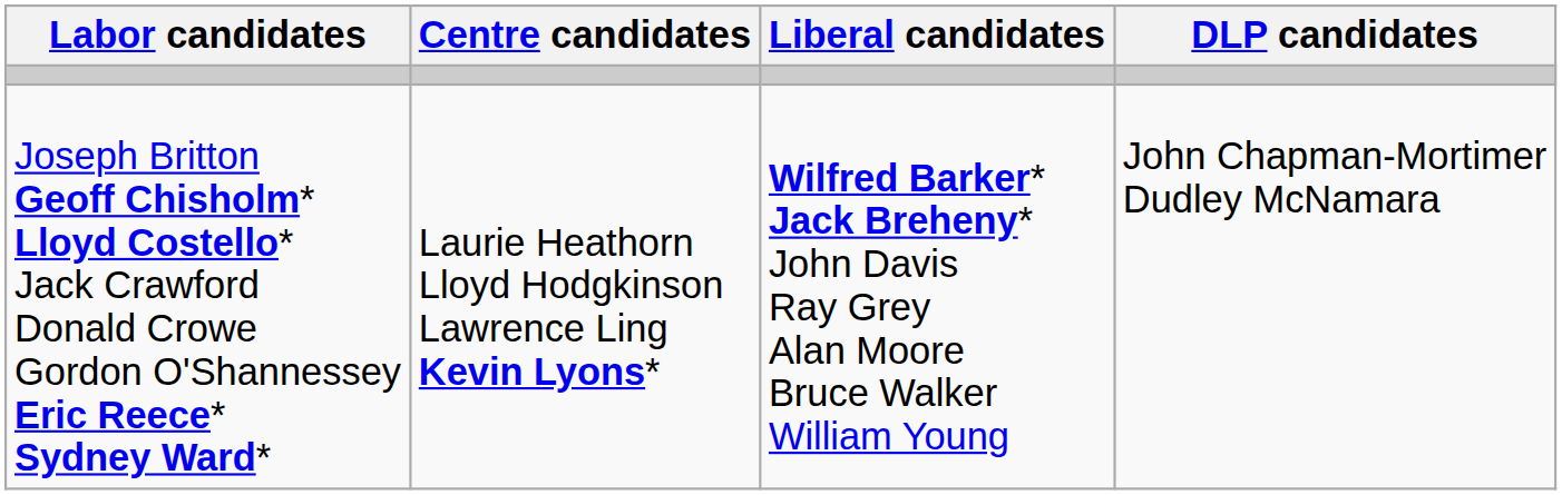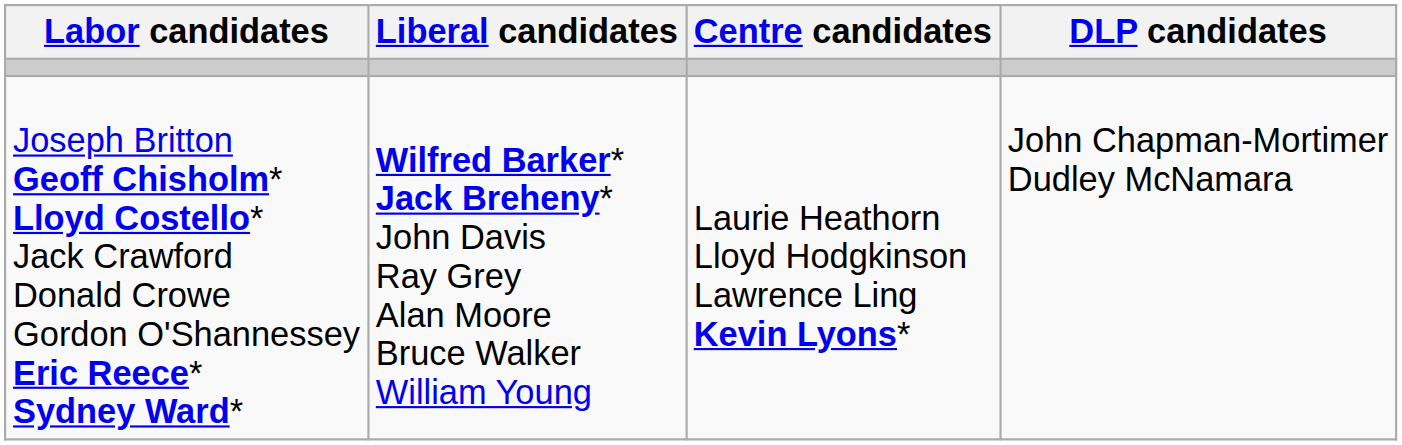 <table class="wikitable">
 <tr>
 <th><a href='#'>Labor</a> candidates</th>
+<th><a href='#'>Liberal</a> candidates</th>
 <th><a href='#'>Centre</a> candidates</th>
-<th><a href='#'>Liberal</a> candidates</th>
 <th><a href='#'>DLP</a> candidates</th>
 </tr>
 <tr bgcolor="#cccccc">
 <td></td>
 <td></td>
 <td></td>
 <td></td>
 </tr>
 <tr>
 <td><br><a href='#'>Joseph Britton</a><br> <strong><a href='#'>Geoff Chisholm</a></strong>*<br> <strong><a href='#'>Lloyd Costello</a></strong>*<br> Jack Crawford<br> Donald Crowe<br> Gordon O'Shannessey<br> <strong><a href='#'>Eric Reece</a></strong>*<br> <strong><a href='#'>Sydney Ward</a></strong>*</td>
+<td><br><strong><a href='#'>Wilfred Barker</a></strong>*<br> <strong><a href='#'>Jack Breheny</a></strong>*<br> John Davis<br> Ray Grey<br> Alan Moore<br> Bruce Walker<br> <a href='#'>William Young</a></td>
 <td><br>Laurie Heathorn<br> Lloyd Hodgkinson<br> Lawrence Ling<br> <strong><a href='#'>Kevin Lyons</a></strong>*</td>
-<td><br><strong><a href='#'>Wilfred Barker</a></strong>*<br> <strong><a href='#'>Jack Breheny</a></strong>*<br> John Davis<br> Ray Grey<br> Alan Moore<br> Bruce Walker<br> <a href='#'>William Young</a></td>
 <td valign=top><br>John Chapman-Mortimer<br> Dudley McNamara</td>
 </tr>
 </table>
